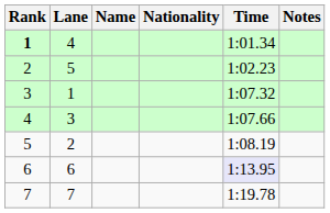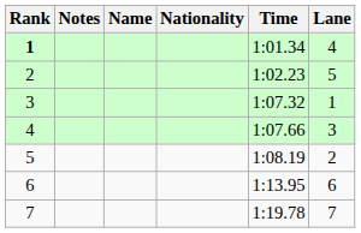 <table class="wikitable sortable" style="text-align:center">
 <tr>
 <th>Rank</th>
-<th>Lane</th>
+<th>Notes</th>
 <th>Name</th>
 <th>Nationality</th>
 <th>Time</th>
-<th>Notes</th>
+<th>Lane</th>
 </tr>
 <tr bgcolor=ccffcc>
 <td><strong>1</strong></td>
-<td>4</td>
+<td><strong></strong></td>
 <td align=left></td>
 <td align=left></td>
 <td>1:01.34</td>
-<td><strong></strong></td>
+<td>4</td>
 </tr>
 <tr bgcolor=ccffcc>
 <td>2</td>
-<td>5</td>
+<td><strong></strong></td>
 <td align=left></td>
 <td align=left></td>
 <td>1:02.23</td>
-<td><strong></strong></td>
+<td>5</td>
 </tr>
 <tr bgcolor=ccffcc>
 <td>3</td>
-<td>1</td>
+<td><strong></strong></td>
 <td align=left></td>
 <td align=left></td>
 <td>1:07.32</td>
-<td><strong></strong></td>
+<td>1</td>
 </tr>
 <tr bgcolor=ccffcc>
 <td>4</td>
-<td>3</td>
+<td><strong></strong></td>
 <td align=left></td>
 <td align=left></td>
 <td>1:07.66</td>
-<td><strong></strong></td>
+<td>3</td>
 </tr>
 <tr>
 <td>5</td>
-<td>2</td>
+<td></td>
 <td align=left></td>
 <td align=left></td>
 <td>1:08.19</td>
-<td></td>
+<td>2</td>
 </tr>
 <tr>
 <td>6</td>
-<td>6</td>
+<td><strong></strong></td>
 <td align=left></td>
 <td align=left></td>
-<td style="background: lavender;">1:13.95</td>
-<td><strong></strong></td>
+<td>1:13.95</td>
+<td>6</td>
 </tr>
 <tr>
 <td>7</td>
-<td>7</td>
+<td></td>
 <td align=left></td>
 <td align=left></td>
 <td>1:19.78</td>
-<td></td>
+<td>7</td>
 </tr>
 </table>
